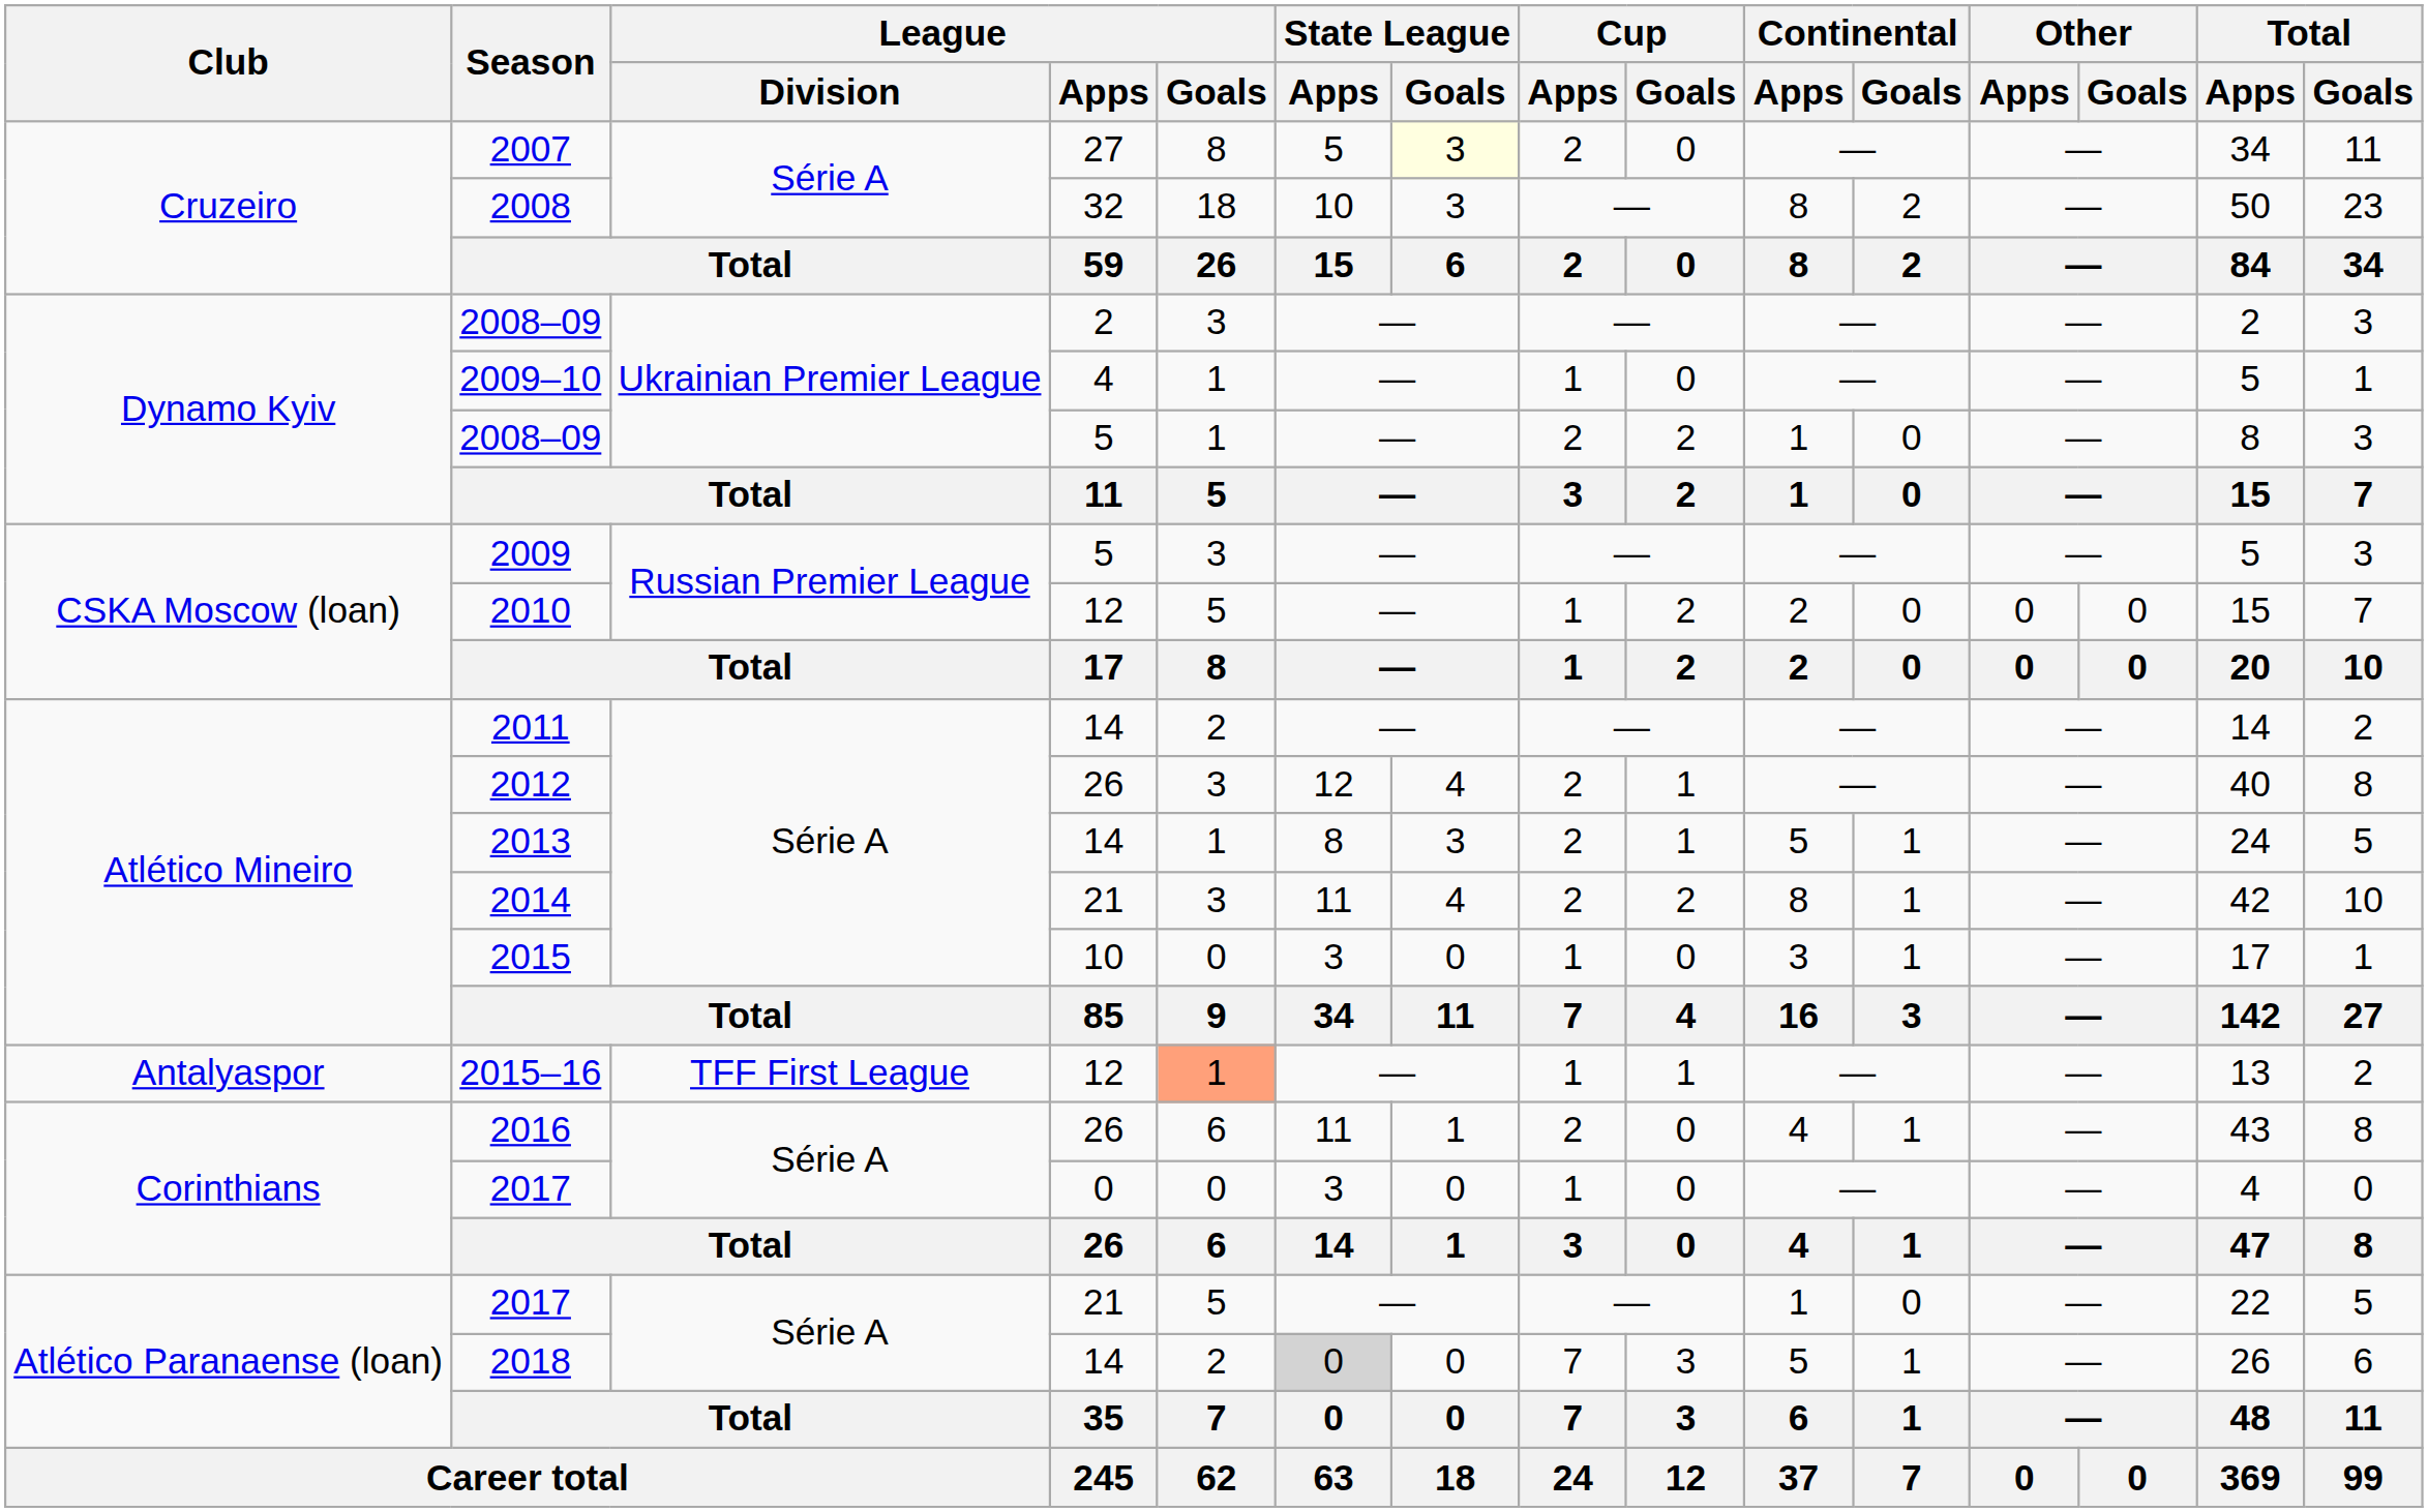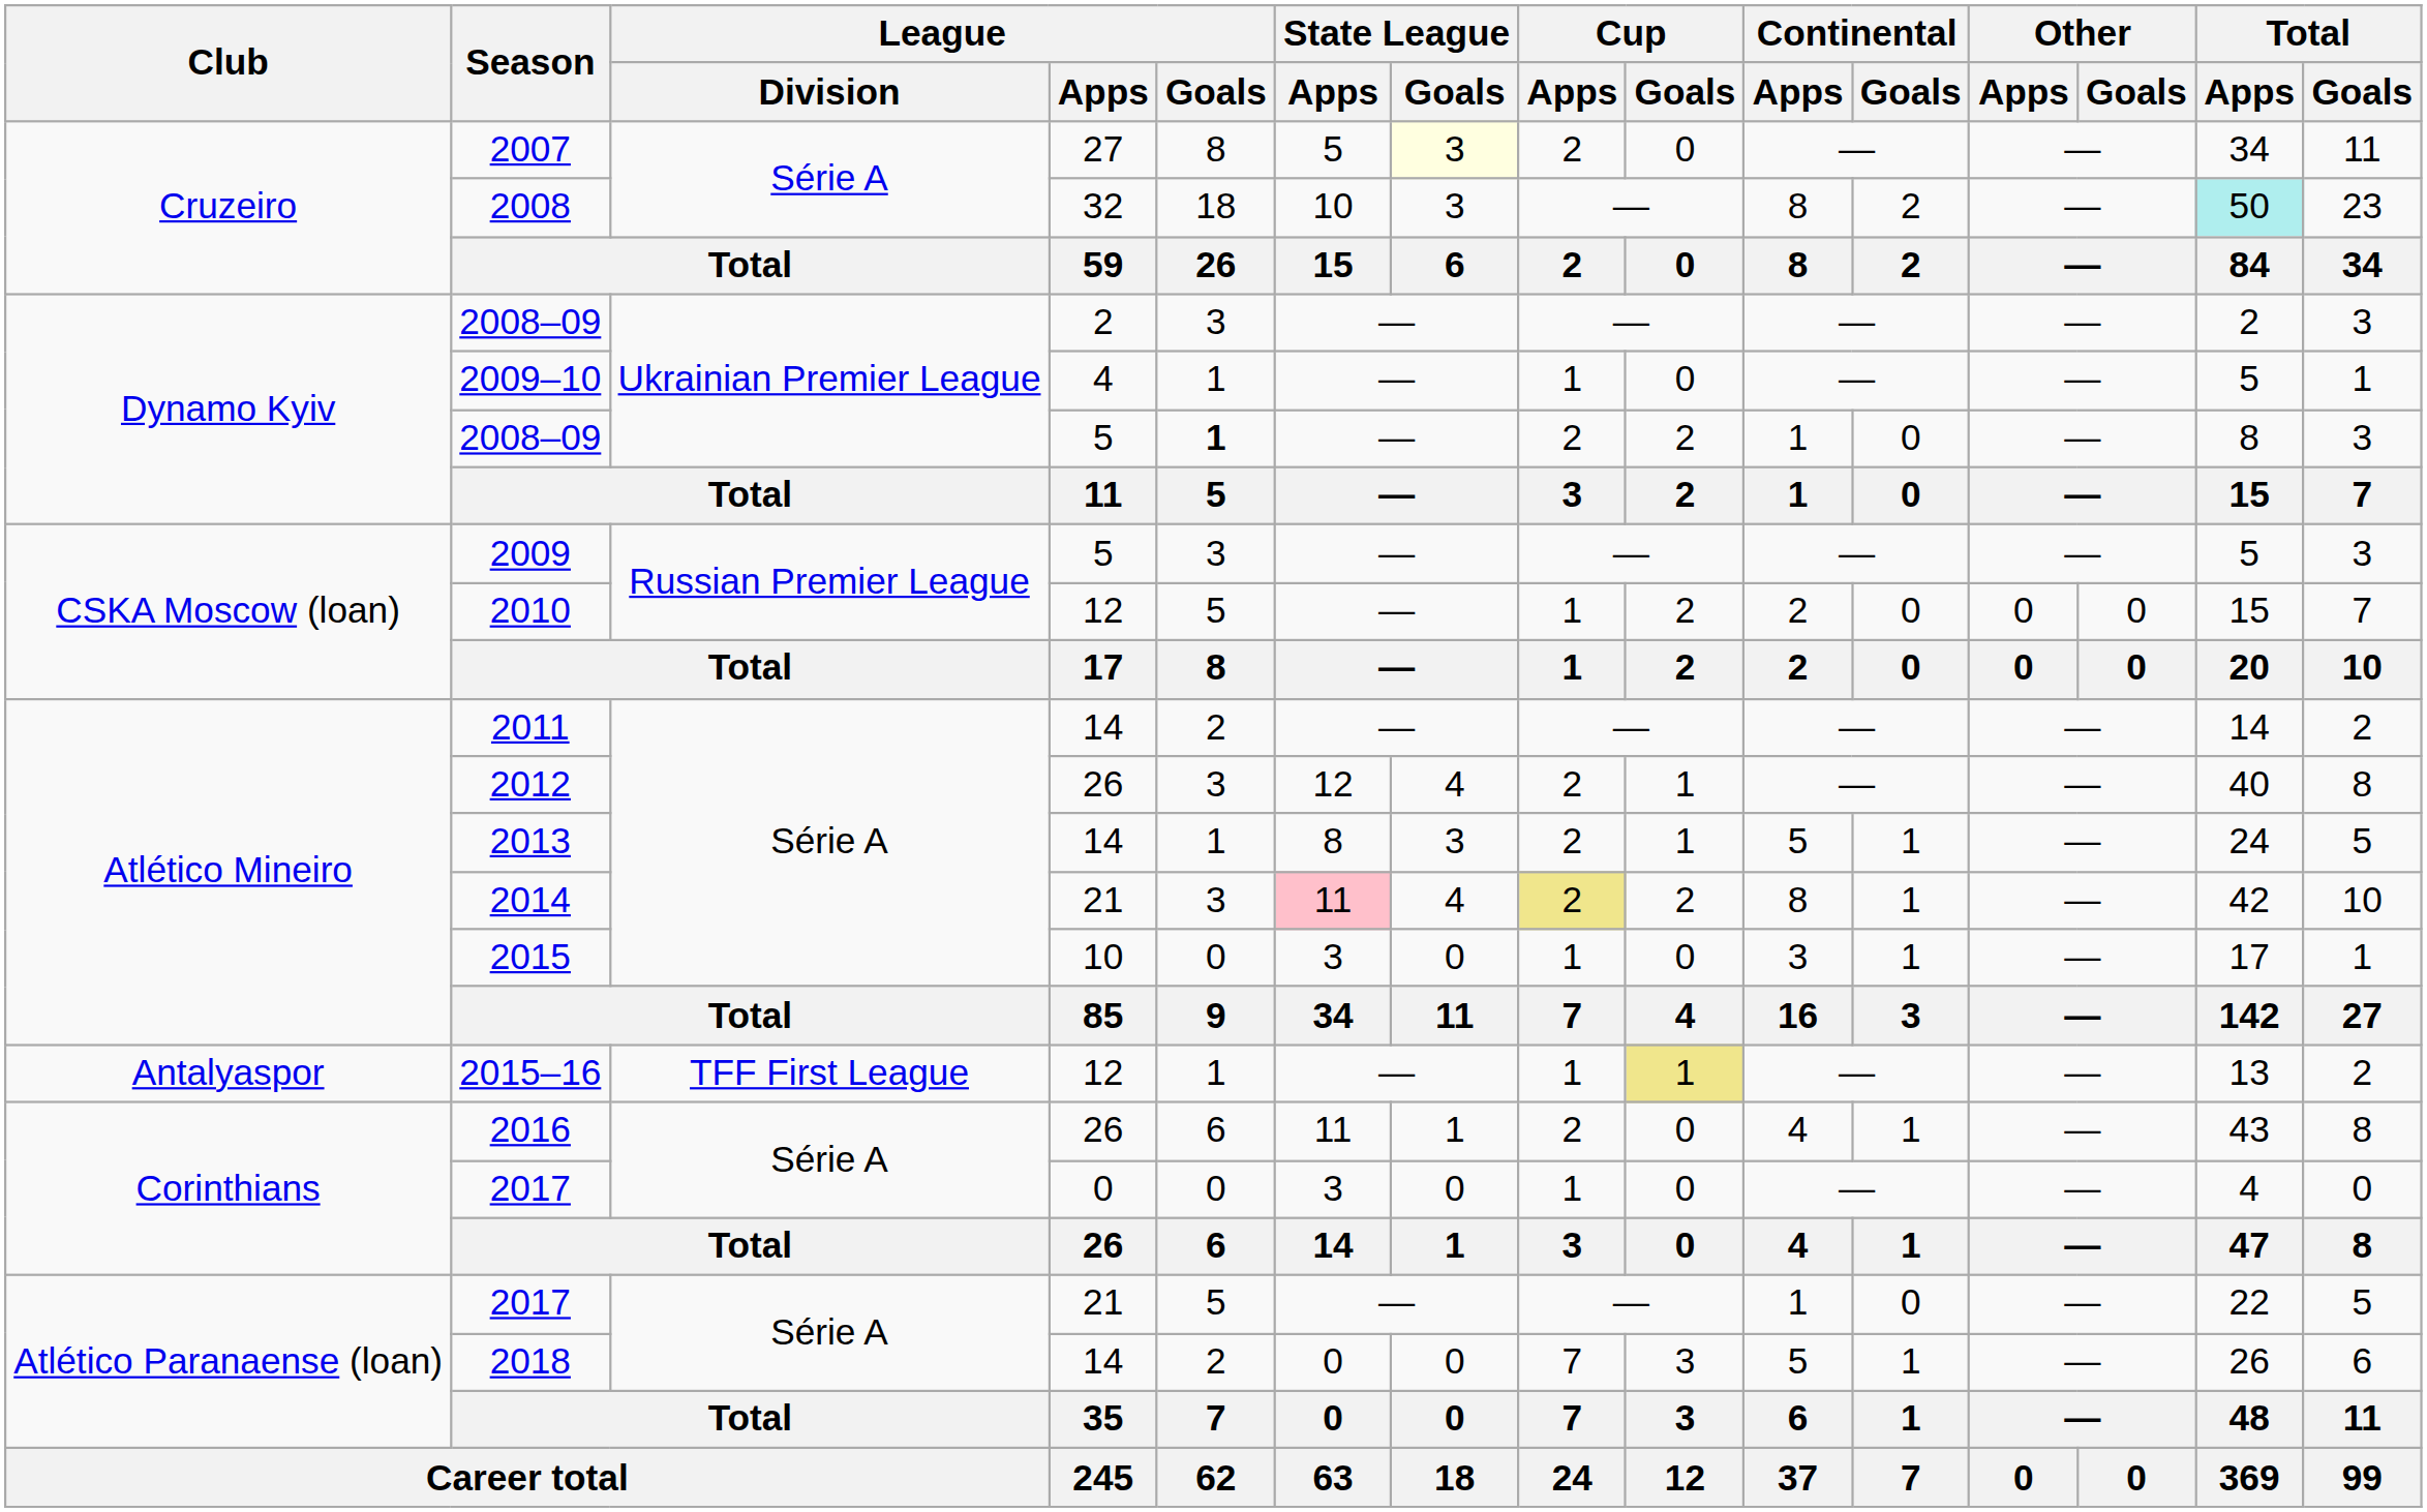 <table class="wikitable" style="text-align:center">
 <tr>
 <th rowspan="2">Club</th>
 <th rowspan="2">Season</th>
 <th colspan="3">League</th>
 <th colspan="2">State League</th>
 <th colspan="2">Cup</th>
 <th colspan="2">Continental</th>
 <th colspan="2">Other</th>
 <th colspan="2">Total</th>
 </tr>
 <tr>
 <th>Division</th>
 <th>Apps</th>
 <th>Goals</th>
 <th>Apps</th>
 <th>Goals</th>
 <th>Apps</th>
 <th>Goals</th>
 <th>Apps</th>
 <th>Goals</th>
 <th>Apps</th>
 <th>Goals</th>
 <th>Apps</th>
 <th>Goals</th>
 </tr>
 <tr>
 <td rowspan="3"><a href='#'>Cruzeiro</a></td>
 <td><a href='#'>2007</a></td>
 <td rowspan="2"><a href='#'>Série A</a></td>
 <td>27</td>
 <td>8</td>
 <td>5</td>
 <td style="background: lightyellow;">3</td>
 <td>2</td>
 <td>0</td>
 <td colspan="2">—</td>
 <td colspan="2">—</td>
 <td>34</td>
 <td>11</td>
 </tr>
 <tr>
 <td><a href='#'>2008</a></td>
 <td>32</td>
 <td>18</td>
 <td>10</td>
 <td>3</td>
 <td colspan="2">—</td>
 <td>8</td>
 <td>2</td>
 <td colspan="2">—</td>
-<td>50</td>
+<td style="background: paleturquoise;">50</td>
 <td>23</td>
 </tr>
 <tr>
 <th colspan="2">Total</th>
 <th>59</th>
 <th>26</th>
 <th>15</th>
 <th>6</th>
 <th>2</th>
 <th>0</th>
 <th>8</th>
 <th>2</th>
 <th colspan="2">—</th>
 <th>84</th>
 <th>34</th>
 </tr>
 <tr>
 <td rowspan="4"><a href='#'>Dynamo Kyiv</a></td>
 <td><a href='#'>2008–09</a></td>
 <td rowspan="3"><a href='#'>Ukrainian Premier League</a></td>
 <td>2</td>
 <td>3</td>
 <td colspan="2">—</td>
 <td colspan="2">—</td>
 <td colspan="2">—</td>
 <td colspan="2">—</td>
 <td>2</td>
 <td>3</td>
 </tr>
 <tr>
 <td><a href='#'>2009–10</a></td>
 <td>4</td>
 <td>1</td>
 <td colspan="2">—</td>
 <td>1</td>
 <td>0</td>
 <td colspan="2">—</td>
 <td colspan="2">—</td>
 <td>5</td>
 <td>1</td>
 </tr>
 <tr>
 <td><a href='#'>2008–09</a></td>
 <td>5</td>
-<td>1</td>
+<td><strong>1</strong></td>
 <td colspan="2">—</td>
 <td>2</td>
 <td>2</td>
 <td>1</td>
 <td>0</td>
 <td colspan="2">—</td>
 <td>8</td>
 <td>3</td>
 </tr>
 <tr>
 <th colspan="2">Total</th>
 <th>11</th>
 <th>5</th>
 <th colspan="2">—</th>
 <th>3</th>
 <th>2</th>
 <th>1</th>
 <th>0</th>
 <th colspan="2">—</th>
 <th>15</th>
 <th>7</th>
 </tr>
 <tr>
 <td rowspan="3"><a href='#'>CSKA Moscow</a> (loan)</td>
 <td><a href='#'>2009</a></td>
 <td rowspan="2"><a href='#'>Russian Premier League</a></td>
 <td>5</td>
 <td>3</td>
 <td colspan="2">—</td>
 <td colspan="2">—</td>
 <td colspan="2">—</td>
 <td colspan="2">—</td>
 <td>5</td>
 <td>3</td>
 </tr>
 <tr>
 <td><a href='#'>2010</a></td>
 <td>12</td>
 <td>5</td>
 <td colspan="2">—</td>
 <td>1</td>
 <td>2</td>
 <td>2</td>
 <td>0</td>
 <td>0</td>
 <td>0</td>
 <td>15</td>
 <td>7</td>
 </tr>
 <tr>
 <th colspan="2">Total</th>
 <th>17</th>
 <th>8</th>
 <th colspan="2">—</th>
 <th>1</th>
 <th>2</th>
 <th>2</th>
 <th>0</th>
 <th>0</th>
 <th>0</th>
 <th>20</th>
 <th>10</th>
 </tr>
 <tr>
 <td rowspan="6"><a href='#'>Atlético Mineiro</a></td>
 <td><a href='#'>2011</a></td>
 <td rowspan="5">Série A</td>
 <td>14</td>
 <td>2</td>
 <td colspan="2">—</td>
 <td colspan="2">—</td>
 <td colspan="2">—</td>
 <td colspan="2">—</td>
 <td>14</td>
 <td>2</td>
 </tr>
 <tr>
 <td><a href='#'>2012</a></td>
 <td>26</td>
 <td>3</td>
 <td>12</td>
 <td>4</td>
 <td>2</td>
 <td>1</td>
 <td colspan="2">—</td>
 <td colspan="2">—</td>
 <td>40</td>
 <td>8</td>
 </tr>
 <tr>
 <td><a href='#'>2013</a></td>
 <td>14</td>
 <td>1</td>
 <td>8</td>
 <td>3</td>
 <td>2</td>
 <td>1</td>
 <td>5</td>
 <td>1</td>
 <td colspan="2">—</td>
 <td>24</td>
 <td>5</td>
 </tr>
 <tr>
 <td><a href='#'>2014</a></td>
 <td>21</td>
 <td>3</td>
-<td>11</td>
+<td style="background: pink;">11</td>
 <td>4</td>
-<td>2</td>
+<td style="background: khaki;">2</td>
 <td>2</td>
 <td>8</td>
 <td>1</td>
 <td colspan="2">—</td>
 <td>42</td>
 <td>10</td>
 </tr>
 <tr>
 <td><a href='#'>2015</a></td>
 <td>10</td>
 <td>0</td>
 <td>3</td>
 <td>0</td>
 <td>1</td>
 <td>0</td>
 <td>3</td>
 <td>1</td>
 <td colspan="2">—</td>
 <td>17</td>
 <td>1</td>
 </tr>
 <tr>
 <th colspan="2">Total</th>
 <th>85</th>
 <th>9</th>
 <th>34</th>
 <th>11</th>
 <th>7</th>
 <th>4</th>
 <th>16</th>
 <th>3</th>
 <th colspan="2">—</th>
 <th>142</th>
 <th>27</th>
 </tr>
 <tr>
 <td><a href='#'>Antalyaspor</a></td>
 <td><a href='#'>2015–16</a></td>
 <td><a href='#'>TFF First League</a></td>
 <td>12</td>
-<td style="background: lightsalmon;">1</td>
+<td>1</td>
 <td colspan="2">—</td>
 <td>1</td>
-<td>1</td>
+<td style="background: khaki;">1</td>
 <td colspan="2">—</td>
 <td colspan="2">—</td>
 <td>13</td>
 <td>2</td>
 </tr>
 <tr>
 <td rowspan="3"><a href='#'>Corinthians</a></td>
 <td><a href='#'>2016</a></td>
 <td rowspan="2">Série A</td>
 <td>26</td>
 <td>6</td>
 <td>11</td>
 <td>1</td>
 <td>2</td>
 <td>0</td>
 <td>4</td>
 <td>1</td>
 <td colspan="2">—</td>
 <td>43</td>
 <td>8</td>
 </tr>
 <tr>
 <td><a href='#'>2017</a></td>
 <td>0</td>
 <td>0</td>
 <td>3</td>
 <td>0</td>
 <td>1</td>
 <td>0</td>
 <td colspan="2">—</td>
 <td colspan="2">—</td>
 <td>4</td>
 <td>0</td>
 </tr>
 <tr>
 <th colspan="2">Total</th>
 <th>26</th>
 <th>6</th>
 <th>14</th>
 <th>1</th>
 <th>3</th>
 <th>0</th>
 <th>4</th>
 <th>1</th>
 <th colspan="2">—</th>
 <th>47</th>
 <th>8</th>
 </tr>
 <tr>
 <td rowspan="3"><a href='#'>Atlético Paranaense</a> (loan)</td>
 <td><a href='#'>2017</a></td>
 <td rowspan="2">Série A</td>
 <td>21</td>
 <td>5</td>
 <td colspan="2">—</td>
 <td colspan="2">—</td>
 <td>1</td>
 <td>0</td>
 <td colspan="2">—</td>
 <td>22</td>
 <td>5</td>
 </tr>
 <tr>
 <td><a href='#'>2018</a></td>
 <td>14</td>
 <td>2</td>
-<td style="background: lightgrey;">0</td>
+<td>0</td>
 <td>0</td>
 <td>7</td>
 <td>3</td>
 <td>5</td>
 <td>1</td>
 <td colspan="2">—</td>
 <td>26</td>
 <td>6</td>
 </tr>
 <tr>
 <th colspan="2">Total</th>
 <th>35</th>
 <th>7</th>
 <th>0</th>
 <th>0</th>
 <th>7</th>
 <th>3</th>
 <th>6</th>
 <th>1</th>
 <th colspan="2">—</th>
 <th>48</th>
 <th>11</th>
 </tr>
 <tr>
 <th colspan="3">Career total</th>
 <th>245</th>
 <th>62</th>
 <th>63</th>
 <th>18</th>
 <th>24</th>
 <th>12</th>
 <th>37</th>
 <th>7</th>
 <th>0</th>
 <th>0</th>
 <th>369</th>
 <th>99</th>
 </tr>
 </table>
